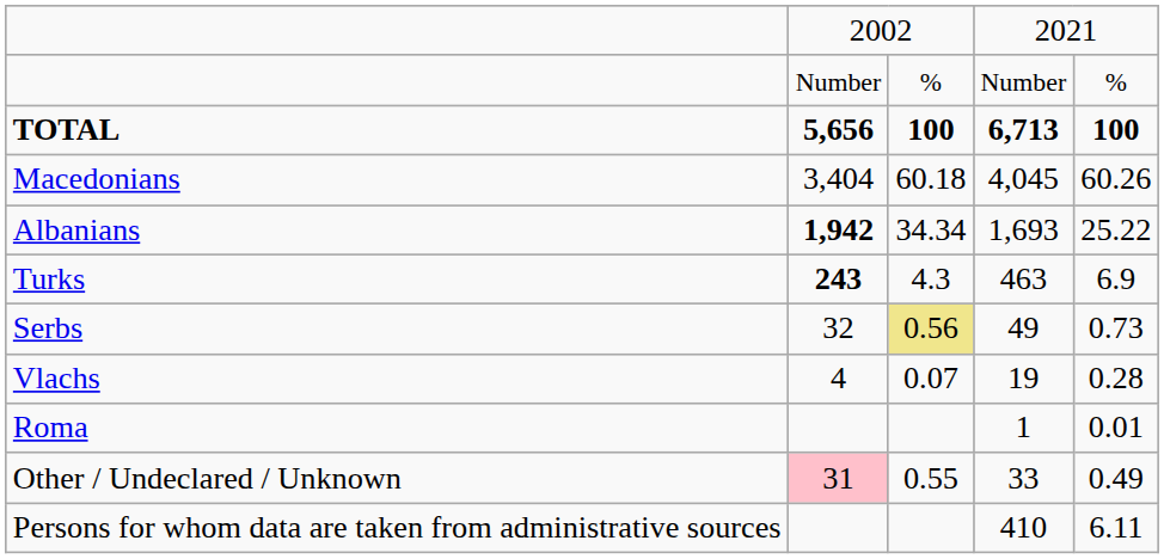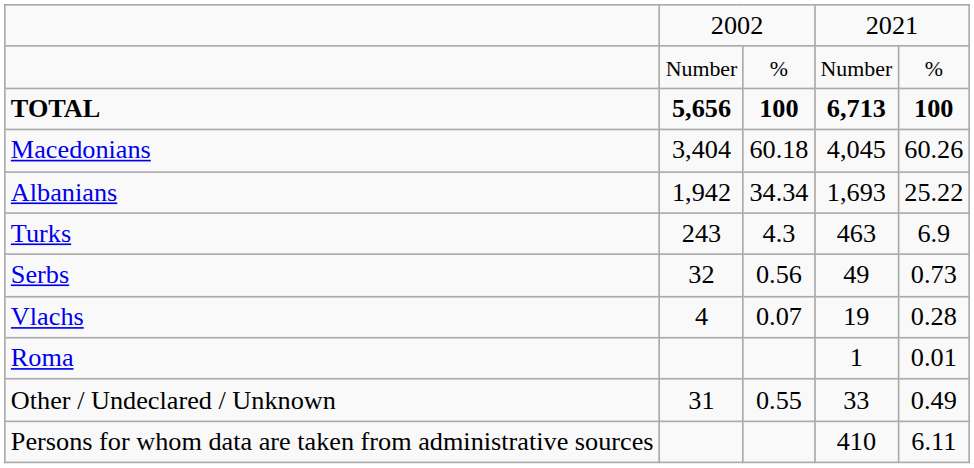 <table class="wikitable">
 <tr>
 <td></td>
 <td colspan="2" align="center">2002</td>
 <td colspan="2" align="center">2021</td>
 </tr>
 <tr>
 <td></td>
 <td align="center"><small>Number</small></td>
 <td align="center"><small>%</small></td>
 <td align="center"><small>Number</small></td>
 <td align="center"><small>%</small></td>
 </tr>
 <tr>
 <td><strong>TOTAL</strong></td>
 <td align="center"><strong>5,656</strong></td>
 <td align="center"><strong>100</strong></td>
 <td align="center"><strong>6,713</strong></td>
 <td align="center"><strong>100</strong></td>
 </tr>
 <tr>
 <td><a href='#'>Macedonians</a></td>
 <td align="center">3,404</td>
 <td align="center">60.18</td>
 <td align="center">4,045</td>
 <td align="center">60.26</td>
 </tr>
 <tr>
 <td><a href='#'>Albanians</a></td>
-<td align="center"><strong>1,942</strong></td>
+<td align="center">1,942</td>
 <td align="center">34.34</td>
 <td align="center">1,693</td>
 <td align="center">25.22</td>
 </tr>
 <tr>
 <td><a href='#'>Turks</a></td>
-<td align="center"><strong>243</strong></td>
+<td align="center">243</td>
 <td align="center">4.3</td>
 <td align="center">463</td>
 <td align="center">6.9</td>
 </tr>
 <tr>
 <td><a href='#'>Serbs</a></td>
 <td align="center">32</td>
-<td align="center" style="background: khaki;">0.56</td>
+<td align="center">0.56</td>
 <td align="center">49</td>
 <td align="center">0.73</td>
 </tr>
 <tr>
 <td><a href='#'>Vlachs</a></td>
 <td align="center">4</td>
 <td align="center">0.07</td>
 <td align="center">19</td>
 <td align="center">0.28</td>
 </tr>
 <tr>
 <td><a href='#'>Roma</a></td>
 <td align="center"></td>
 <td align="center"></td>
 <td align="center">1</td>
 <td align="center">0.01</td>
 </tr>
 <tr>
 <td>Other / Undeclared / Unknown</td>
-<td align="center" style="background: pink;">31</td>
+<td align="center">31</td>
 <td align="center">0.55</td>
 <td align="center">33</td>
 <td align="center">0.49</td>
 </tr>
 <tr>
 <td>Persons for whom data are taken from administrative sources</td>
 <td align="center"></td>
 <td align="center"></td>
 <td align="center">410</td>
 <td align="center">6.11</td>
 </tr>
 </table>
